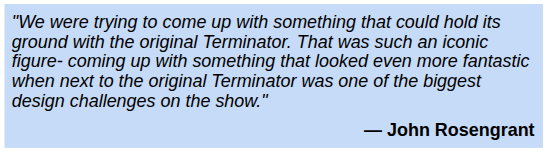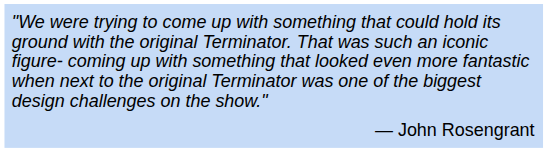 <table class="toccolours" style="float: left; margin-left: 1em; margin-right: 2em; font-size: 85%; background:#c6dbf7; color:black; width:30em; max-width: 40%;" cellspacing="5">
 <tr>
 <td style="text-align: left;"><em>"We were trying to come up with something that could hold its ground with the original Terminator. That was such an iconic figure- coming up with something that looked even more fantastic when next to the original Terminator was one of the biggest design challenges on the show."</em></td>
 </tr>
 <tr>
-<td style="text-align: right;"><strong>— John Rosengrant</strong></td>
+<td style="text-align: right;">— John Rosengrant</td>
 </tr>
 </table>
